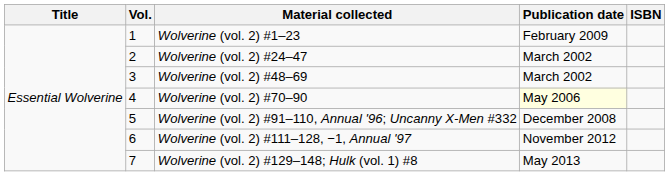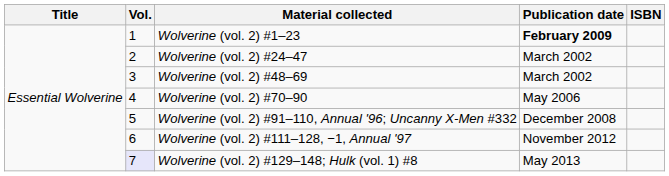 <table class="wikitable">
 <tr>
 <th>Title</th>
 <th>Vol.</th>
 <th>Material collected</th>
 <th>Publication date</th>
 <th>ISBN</th>
 </tr>
 <tr>
 <td rowspan="7"><em>Essential Wolverine</em></td>
 <td>1</td>
 <td><em>Wolverine</em> (vol. 2) #1–23</td>
-<td>February 2009</td>
+<td><strong>February 2009</strong></td>
 <td></td>
 </tr>
 <tr>
 <td>2</td>
 <td><em>Wolverine</em> (vol. 2) #24–47</td>
 <td>March 2002</td>
 <td></td>
 </tr>
 <tr>
 <td>3</td>
 <td><em>Wolverine</em> (vol. 2) #48–69</td>
 <td>March 2002</td>
 <td></td>
 </tr>
 <tr>
 <td>4</td>
 <td><em>Wolverine</em> (vol. 2) #70–90</td>
-<td style="background: lightyellow;">May 2006</td>
+<td>May 2006</td>
 <td></td>
 </tr>
 <tr>
 <td>5</td>
 <td><em>Wolverine</em> (vol. 2) #91–110, <em>Annual '96</em>; <em>Uncanny X-Men</em> #332</td>
 <td>December 2008</td>
 <td></td>
 </tr>
 <tr>
 <td>6</td>
 <td><em>Wolverine</em> (vol. 2) #111–128, −1, <em>Annual '97</em></td>
 <td>November 2012</td>
 <td></td>
 </tr>
 <tr>
-<td>7</td>
+<td style="background: lavender;">7</td>
 <td><em>Wolverine</em> (vol. 2) #129–148; <em>Hulk</em> (vol. 1) #8</td>
 <td>May 2013</td>
 <td></td>
 </tr>
 </table>
